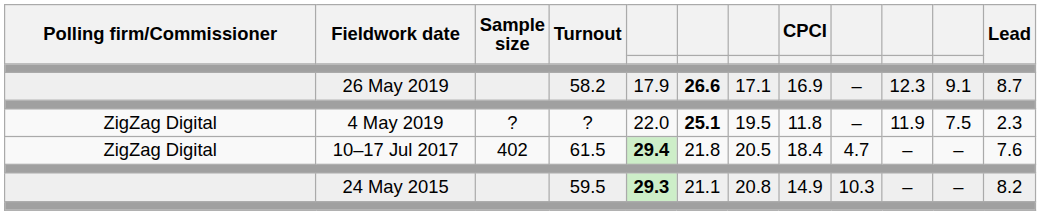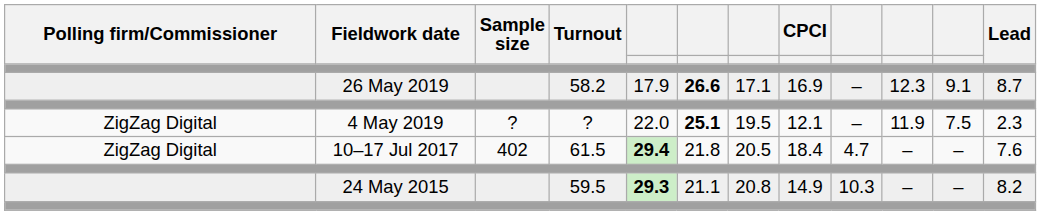 <table class="wikitable collapsible collapsed" style="text-align:center; font-size:95%; line-height:16px;">
 <tr style="height:42px;">
 <th style="width:250px;" rowspan="2">Polling firm/Commissioner</th>
 <th style="width:125px;" rowspan="2">Fieldwork date</th>
 <th style="width:50px;" rowspan="2">Sample size</th>
 <th style="width:45px;" rowspan="2">Turnout</th>
 <th style="width:35px;"></th>
 <th style="width:35px;"></th>
 <th style="width:35px;"></th>
 <th style="width:35px;">CPCI</th>
 <th style="width:35px;"></th>
 <th style="width:35px;"></th>
 <th style="width:35px;"></th>
 <th style="width:30px;" rowspan="2">Lead</th>
 </tr>
 <tr>
 <th style="color:inherit;background:"></th>
 <th style="color:inherit;background:"></th>
 <th style="color:inherit;background:"></th>
 <th style="color:inherit;background:"></th>
 <th style="color:inherit;background:"></th>
 <th style="color:inherit;background:"></th>
 <th style="color:inherit;background:"></th>
 </tr>
 <tr>
 <td colspan="12" style="background:#A0A0A0"></td>
 </tr>
 <tr style="background:#EFEFEF;">
 <td><strong></strong></td>
 <td>26 May 2019</td>
 <td></td>
 <td>58.2</td>
 <td>17.9<br></td>
 <td><strong>26.6</strong><br></td>
 <td>17.1<br></td>
 <td>16.9<br></td>
 <td>–</td>
 <td>12.3<br></td>
 <td>9.1<br></td>
 <td style="background:">8.7</td>
 </tr>
 <tr>
 <td colspan="12" style="background:#A0A0A0"></td>
 </tr>
 <tr>
 <td>ZigZag Digital</td>
 <td>4 May 2019</td>
 <td>?</td>
 <td>?</td>
 <td>22.0<br></td>
 <td><strong>25.1</strong><br></td>
 <td>19.5<br></td>
-<td>11.8<br></td>
+<td>12.1<br></td>
 <td>–</td>
 <td>11.9<br></td>
 <td>7.5<br></td>
 <td style="background:">2.3</td>
 </tr>
 <tr>
 <td>ZigZag Digital</td>
 <td>10–17 Jul 2017</td>
 <td>402</td>
 <td>61.5</td>
 <td style="background:#CDEEC8;"><strong>29.4</strong><br></td>
 <td>21.8<br></td>
 <td>20.5<br></td>
 <td>18.4<br></td>
 <td>4.7<br></td>
 <td>–</td>
 <td>–</td>
 <td style="background:">7.6</td>
 </tr>
 <tr>
 <td colspan="12" style="background:#A0A0A0"></td>
 </tr>
 <tr style="background:#EFEFEF;">
 <td><strong></strong></td>
 <td>24 May 2015</td>
 <td></td>
 <td>59.5</td>
 <td style="background:#CDEEC8;"><strong>29.3</strong><br></td>
 <td>21.1<br></td>
 <td>20.8<br></td>
 <td>14.9<br></td>
 <td>10.3<br></td>
 <td>–</td>
 <td>–</td>
 <td style="background:">8.2</td>
 </tr>
 <tr>
 <td colspan="12" style="background:#A0A0A0"></td>
 </tr>
 </table>
